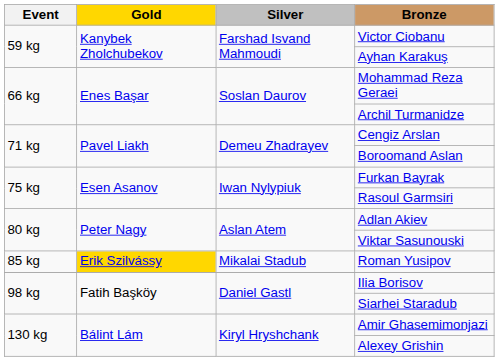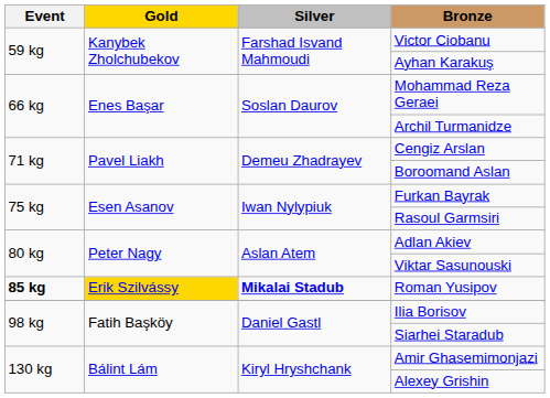 <table class="wikitable">
 <tr>
 <th width="80">Event</th>
 <th style="background-color:gold; width:160px">Gold</th>
 <th style="background-color:silver; width:160px">Silver</th>
 <th style="background-color:#CC9966; width:160px">Bronze</th>
 </tr>
 <tr>
 <td rowspan="2">59 kg</td>
 <td rowspan="2"><a href='#'>Kanybek Zholchubekov</a><br></td>
 <td rowspan="2"><a href='#'>Farshad Isvand Mahmoudi</a><br></td>
 <td><a href='#'>Victor Ciobanu</a><br></td>
 </tr>
 <tr>
 <td><a href='#'>Ayhan Karakuş</a><br></td>
 </tr>
 <tr>
 <td rowspan="2">66 kg</td>
 <td rowspan="2"><a href='#'>Enes Başar</a><br></td>
 <td rowspan="2"><a href='#'>Soslan Daurov</a><br></td>
 <td><a href='#'>Mohammad Reza Geraei</a><br></td>
 </tr>
 <tr>
 <td><a href='#'>Archil Turmanidze</a><br></td>
 </tr>
 <tr>
 <td rowspan="2">71 kg</td>
 <td rowspan="2"><a href='#'>Pavel Liakh</a><br></td>
 <td rowspan="2"><a href='#'>Demeu Zhadrayev</a><br></td>
 <td><a href='#'>Cengiz Arslan</a><br></td>
 </tr>
 <tr>
 <td><a href='#'>Boroomand Aslan</a><br></td>
 </tr>
 <tr>
 <td rowspan="2">75 kg</td>
 <td rowspan="2"><a href='#'>Esen Asanov</a><br></td>
 <td rowspan="2"><a href='#'>Iwan Nylypiuk</a><br></td>
 <td><a href='#'>Furkan Bayrak</a><br></td>
 </tr>
 <tr>
 <td><a href='#'>Rasoul Garmsiri</a><br></td>
 </tr>
 <tr>
 <td rowspan="2">80 kg</td>
 <td rowspan="2"><a href='#'>Peter Nagy</a><br></td>
 <td rowspan="2"><a href='#'>Aslan Atem</a><br></td>
 <td><a href='#'>Adlan Akiev</a><br></td>
 </tr>
 <tr>
 <td><a href='#'>Viktar Sasunouski</a><br></td>
 </tr>
 <tr>
-<td>85 kg</td>
+<td><strong>85 kg</strong></td>
 <td style="background: gold;"><a href='#'>Erik Szilvássy</a><br></td>
-<td><a href='#'>Mikalai Stadub</a><br></td>
+<td><strong><a href='#'>Mikalai Stadub</a><br></strong></td>
 <td><a href='#'>Roman Yusipov</a><br></td>
 </tr>
 <tr>
 </tr>
 <tr>
 <td rowspan="2">98 kg</td>
 <td rowspan="2">Fatih Başköy<br></td>
 <td rowspan="2"><a href='#'>Daniel Gastl</a><br></td>
 <td><a href='#'>Ilia Borisov</a><br></td>
 </tr>
 <tr>
 <td><a href='#'>Siarhei Staradub</a><br></td>
 </tr>
 <tr>
 <td rowspan="2">130 kg</td>
 <td rowspan="2"><a href='#'>Bálint Lám</a><br></td>
 <td rowspan="2"><a href='#'>Kiryl Hryshchank</a><br></td>
 <td><a href='#'>Amir Ghasemimonjazi</a><br></td>
 </tr>
 <tr>
 <td><a href='#'>Alexey Grishin</a><br></td>
 </tr>
 </table>
